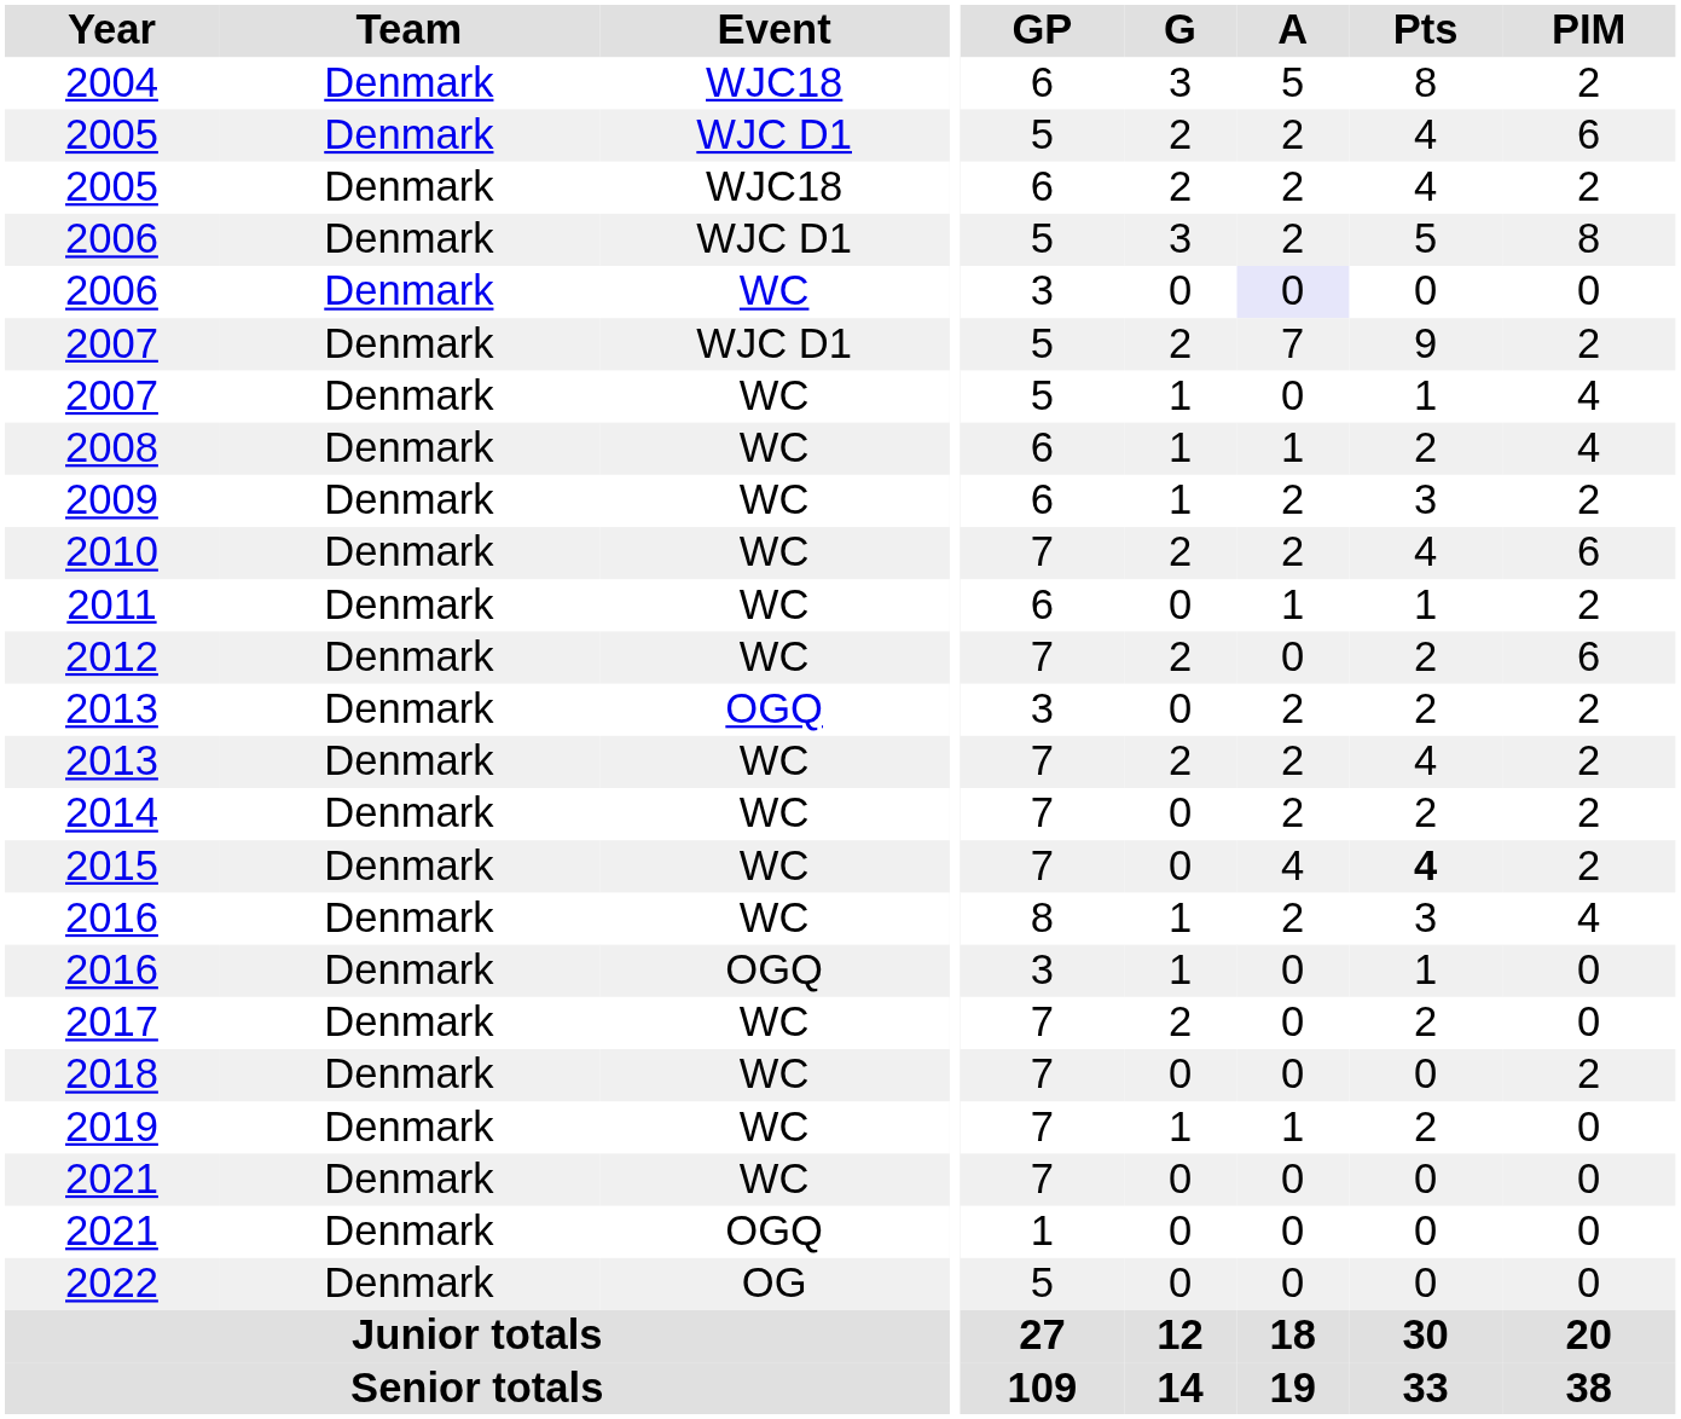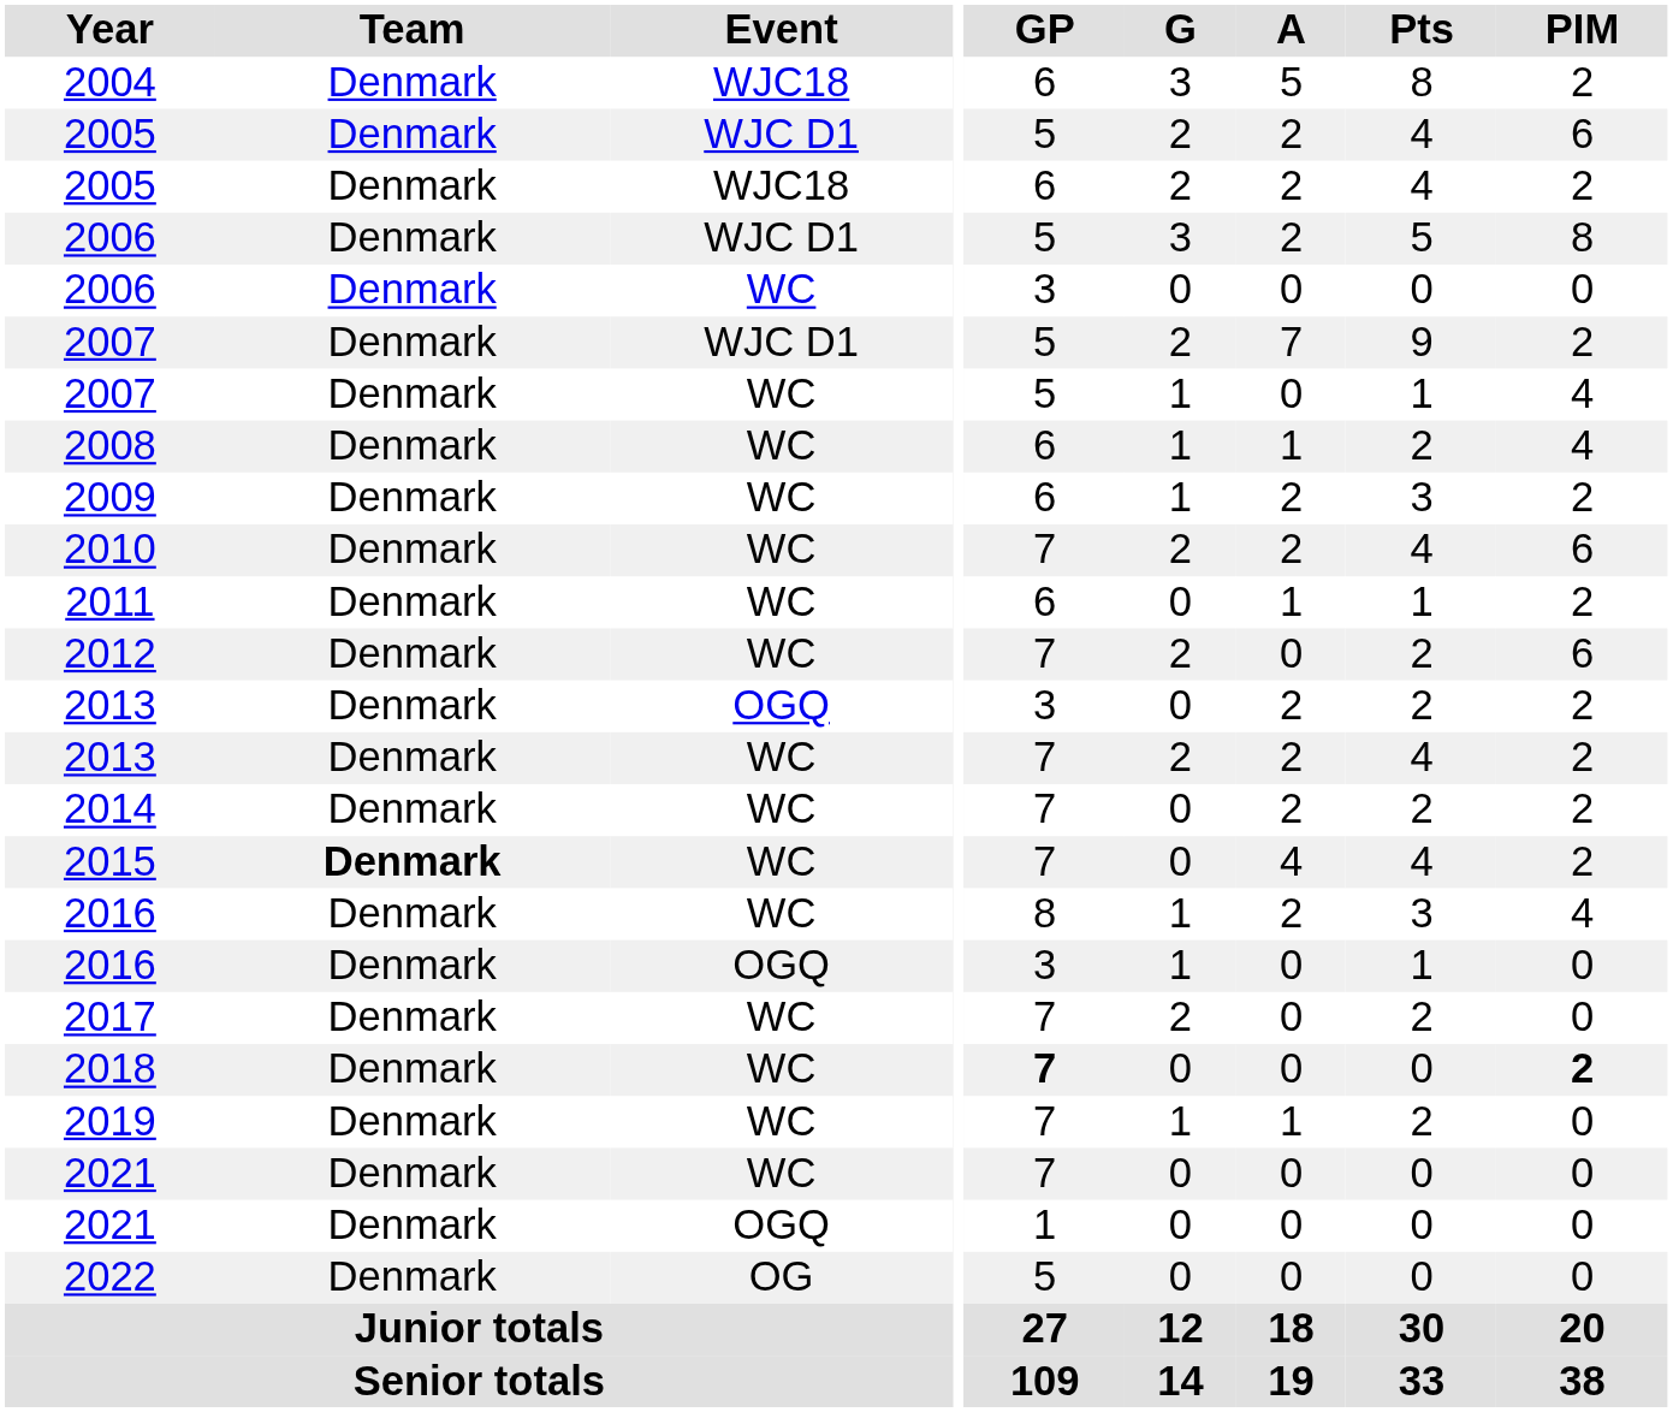 <table border="0" cellpadding="1" cellspacing="0" ID="Table3" style="text-align:center; width:40em">
 <tr ALIGN="center" bgcolor="#e0e0e0">
 <th>Year</th>
 <th>Team</th>
 <th>Event</th>
 <th rowspan="99" bgcolor="#ffffff"></th>
 <th>GP</th>
 <th>G</th>
 <th>A</th>
 <th>Pts</th>
 <th>PIM</th>
 </tr>
 <tr>
 <td><a href='#'>2004</a></td>
 <td><a href='#'>Denmark</a></td>
 <td><a href='#'>WJC18</a></td>
 <td>6</td>
 <td>3</td>
 <td>5</td>
 <td>8</td>
 <td>2</td>
 </tr>
 <tr bgcolor="#f0f0f0">
 <td><a href='#'>2005</a></td>
 <td><a href='#'>Denmark</a></td>
 <td><a href='#'>WJC D1</a></td>
 <td>5</td>
 <td>2</td>
 <td>2</td>
 <td>4</td>
 <td>6</td>
 </tr>
 <tr>
 <td><a href='#'>2005</a></td>
 <td>Denmark</td>
 <td>WJC18</td>
 <td>6</td>
 <td>2</td>
 <td>2</td>
 <td>4</td>
 <td>2</td>
 </tr>
 <tr bgcolor="#f0f0f0">
 <td><a href='#'>2006</a></td>
 <td>Denmark</td>
 <td>WJC D1</td>
 <td>5</td>
 <td>3</td>
 <td>2</td>
 <td>5</td>
 <td>8</td>
 </tr>
 <tr>
 <td><a href='#'>2006</a></td>
 <td><a href='#'>Denmark</a></td>
 <td><a href='#'>WC</a></td>
 <td>3</td>
 <td>0</td>
-<td style="background: lavender;">0</td>
+<td>0</td>
 <td>0</td>
 <td>0</td>
 </tr>
 <tr bgcolor="#f0f0f0">
 <td><a href='#'>2007</a></td>
 <td>Denmark</td>
 <td>WJC D1</td>
 <td>5</td>
 <td>2</td>
 <td>7</td>
 <td>9</td>
 <td>2</td>
 </tr>
 <tr>
 <td><a href='#'>2007</a></td>
 <td>Denmark</td>
 <td>WC</td>
 <td>5</td>
 <td>1</td>
 <td>0</td>
 <td>1</td>
 <td>4</td>
 </tr>
 <tr bgcolor="#f0f0f0">
 <td><a href='#'>2008</a></td>
 <td>Denmark</td>
 <td>WC</td>
 <td>6</td>
 <td>1</td>
 <td>1</td>
 <td>2</td>
 <td>4</td>
 </tr>
 <tr>
 <td><a href='#'>2009</a></td>
 <td>Denmark</td>
 <td>WC</td>
 <td>6</td>
 <td>1</td>
 <td>2</td>
 <td>3</td>
 <td>2</td>
 </tr>
 <tr bgcolor="#f0f0f0">
 <td><a href='#'>2010</a></td>
 <td>Denmark</td>
 <td>WC</td>
 <td>7</td>
 <td>2</td>
 <td>2</td>
 <td>4</td>
 <td>6</td>
 </tr>
 <tr>
 <td><a href='#'>2011</a></td>
 <td>Denmark</td>
 <td>WC</td>
 <td>6</td>
 <td>0</td>
 <td>1</td>
 <td>1</td>
 <td>2</td>
 </tr>
 <tr bgcolor="#f0f0f0">
 <td><a href='#'>2012</a></td>
 <td>Denmark</td>
 <td>WC</td>
 <td>7</td>
 <td>2</td>
 <td>0</td>
 <td>2</td>
 <td>6</td>
 </tr>
 <tr>
 <td><a href='#'>2013</a></td>
 <td>Denmark</td>
 <td><a href='#'>OGQ</a></td>
 <td>3</td>
 <td>0</td>
 <td>2</td>
 <td>2</td>
 <td>2</td>
 </tr>
 <tr bgcolor="#f0f0f0">
 <td><a href='#'>2013</a></td>
 <td>Denmark</td>
 <td>WC</td>
 <td>7</td>
 <td>2</td>
 <td>2</td>
 <td>4</td>
 <td>2</td>
 </tr>
 <tr>
 <td><a href='#'>2014</a></td>
 <td>Denmark</td>
 <td>WC</td>
 <td>7</td>
 <td>0</td>
 <td>2</td>
 <td>2</td>
 <td>2</td>
 </tr>
 <tr bgcolor="#f0f0f0">
 <td><a href='#'>2015</a></td>
-<td>Denmark</td>
+<td><strong>Denmark</strong></td>
 <td>WC</td>
 <td>7</td>
 <td>0</td>
 <td>4</td>
-<td><strong>4</strong></td>
+<td>4</td>
 <td>2</td>
 </tr>
 <tr>
 <td><a href='#'>2016</a></td>
 <td>Denmark</td>
 <td>WC</td>
 <td>8</td>
 <td>1</td>
 <td>2</td>
 <td>3</td>
 <td>4</td>
 </tr>
 <tr bgcolor="#f0f0f0">
 <td><a href='#'>2016</a></td>
 <td>Denmark</td>
 <td>OGQ</td>
 <td>3</td>
 <td>1</td>
 <td>0</td>
 <td>1</td>
 <td>0</td>
 </tr>
 <tr>
 <td><a href='#'>2017</a></td>
 <td>Denmark</td>
 <td>WC</td>
 <td>7</td>
 <td>2</td>
 <td>0</td>
 <td>2</td>
 <td>0</td>
 </tr>
 <tr bgcolor="#f0f0f0">
 <td><a href='#'>2018</a></td>
 <td>Denmark</td>
 <td>WC</td>
-<td>7</td>
+<td><strong>7</strong></td>
 <td>0</td>
 <td>0</td>
 <td>0</td>
-<td>2</td>
+<td><strong>2</strong></td>
 </tr>
 <tr>
 <td><a href='#'>2019</a></td>
 <td>Denmark</td>
 <td>WC</td>
 <td>7</td>
 <td>1</td>
 <td>1</td>
 <td>2</td>
 <td>0</td>
 </tr>
 <tr bgcolor="#f0f0f0">
 <td><a href='#'>2021</a></td>
 <td>Denmark</td>
 <td>WC</td>
 <td>7</td>
 <td>0</td>
 <td>0</td>
 <td>0</td>
 <td>0</td>
 </tr>
 <tr>
 <td><a href='#'>2021</a></td>
 <td>Denmark</td>
 <td>OGQ</td>
 <td>1</td>
 <td>0</td>
 <td>0</td>
 <td>0</td>
 <td>0</td>
 </tr>
 <tr bgcolor="#f0f0f0">
 <td><a href='#'>2022</a></td>
 <td>Denmark</td>
 <td>OG</td>
 <td>5</td>
 <td>0</td>
 <td>0</td>
 <td>0</td>
 <td>0</td>
 </tr>
 <tr bgcolor="#e0e0e0">
 <th colspan="3">Junior totals</th>
 <th>27</th>
 <th>12</th>
 <th>18</th>
 <th>30</th>
 <th>20</th>
 </tr>
 <tr bgcolor="#e0e0e0">
 <th colspan="3">Senior totals</th>
 <th>109</th>
 <th>14</th>
 <th>19</th>
 <th>33</th>
 <th>38</th>
 </tr>
 </table>
